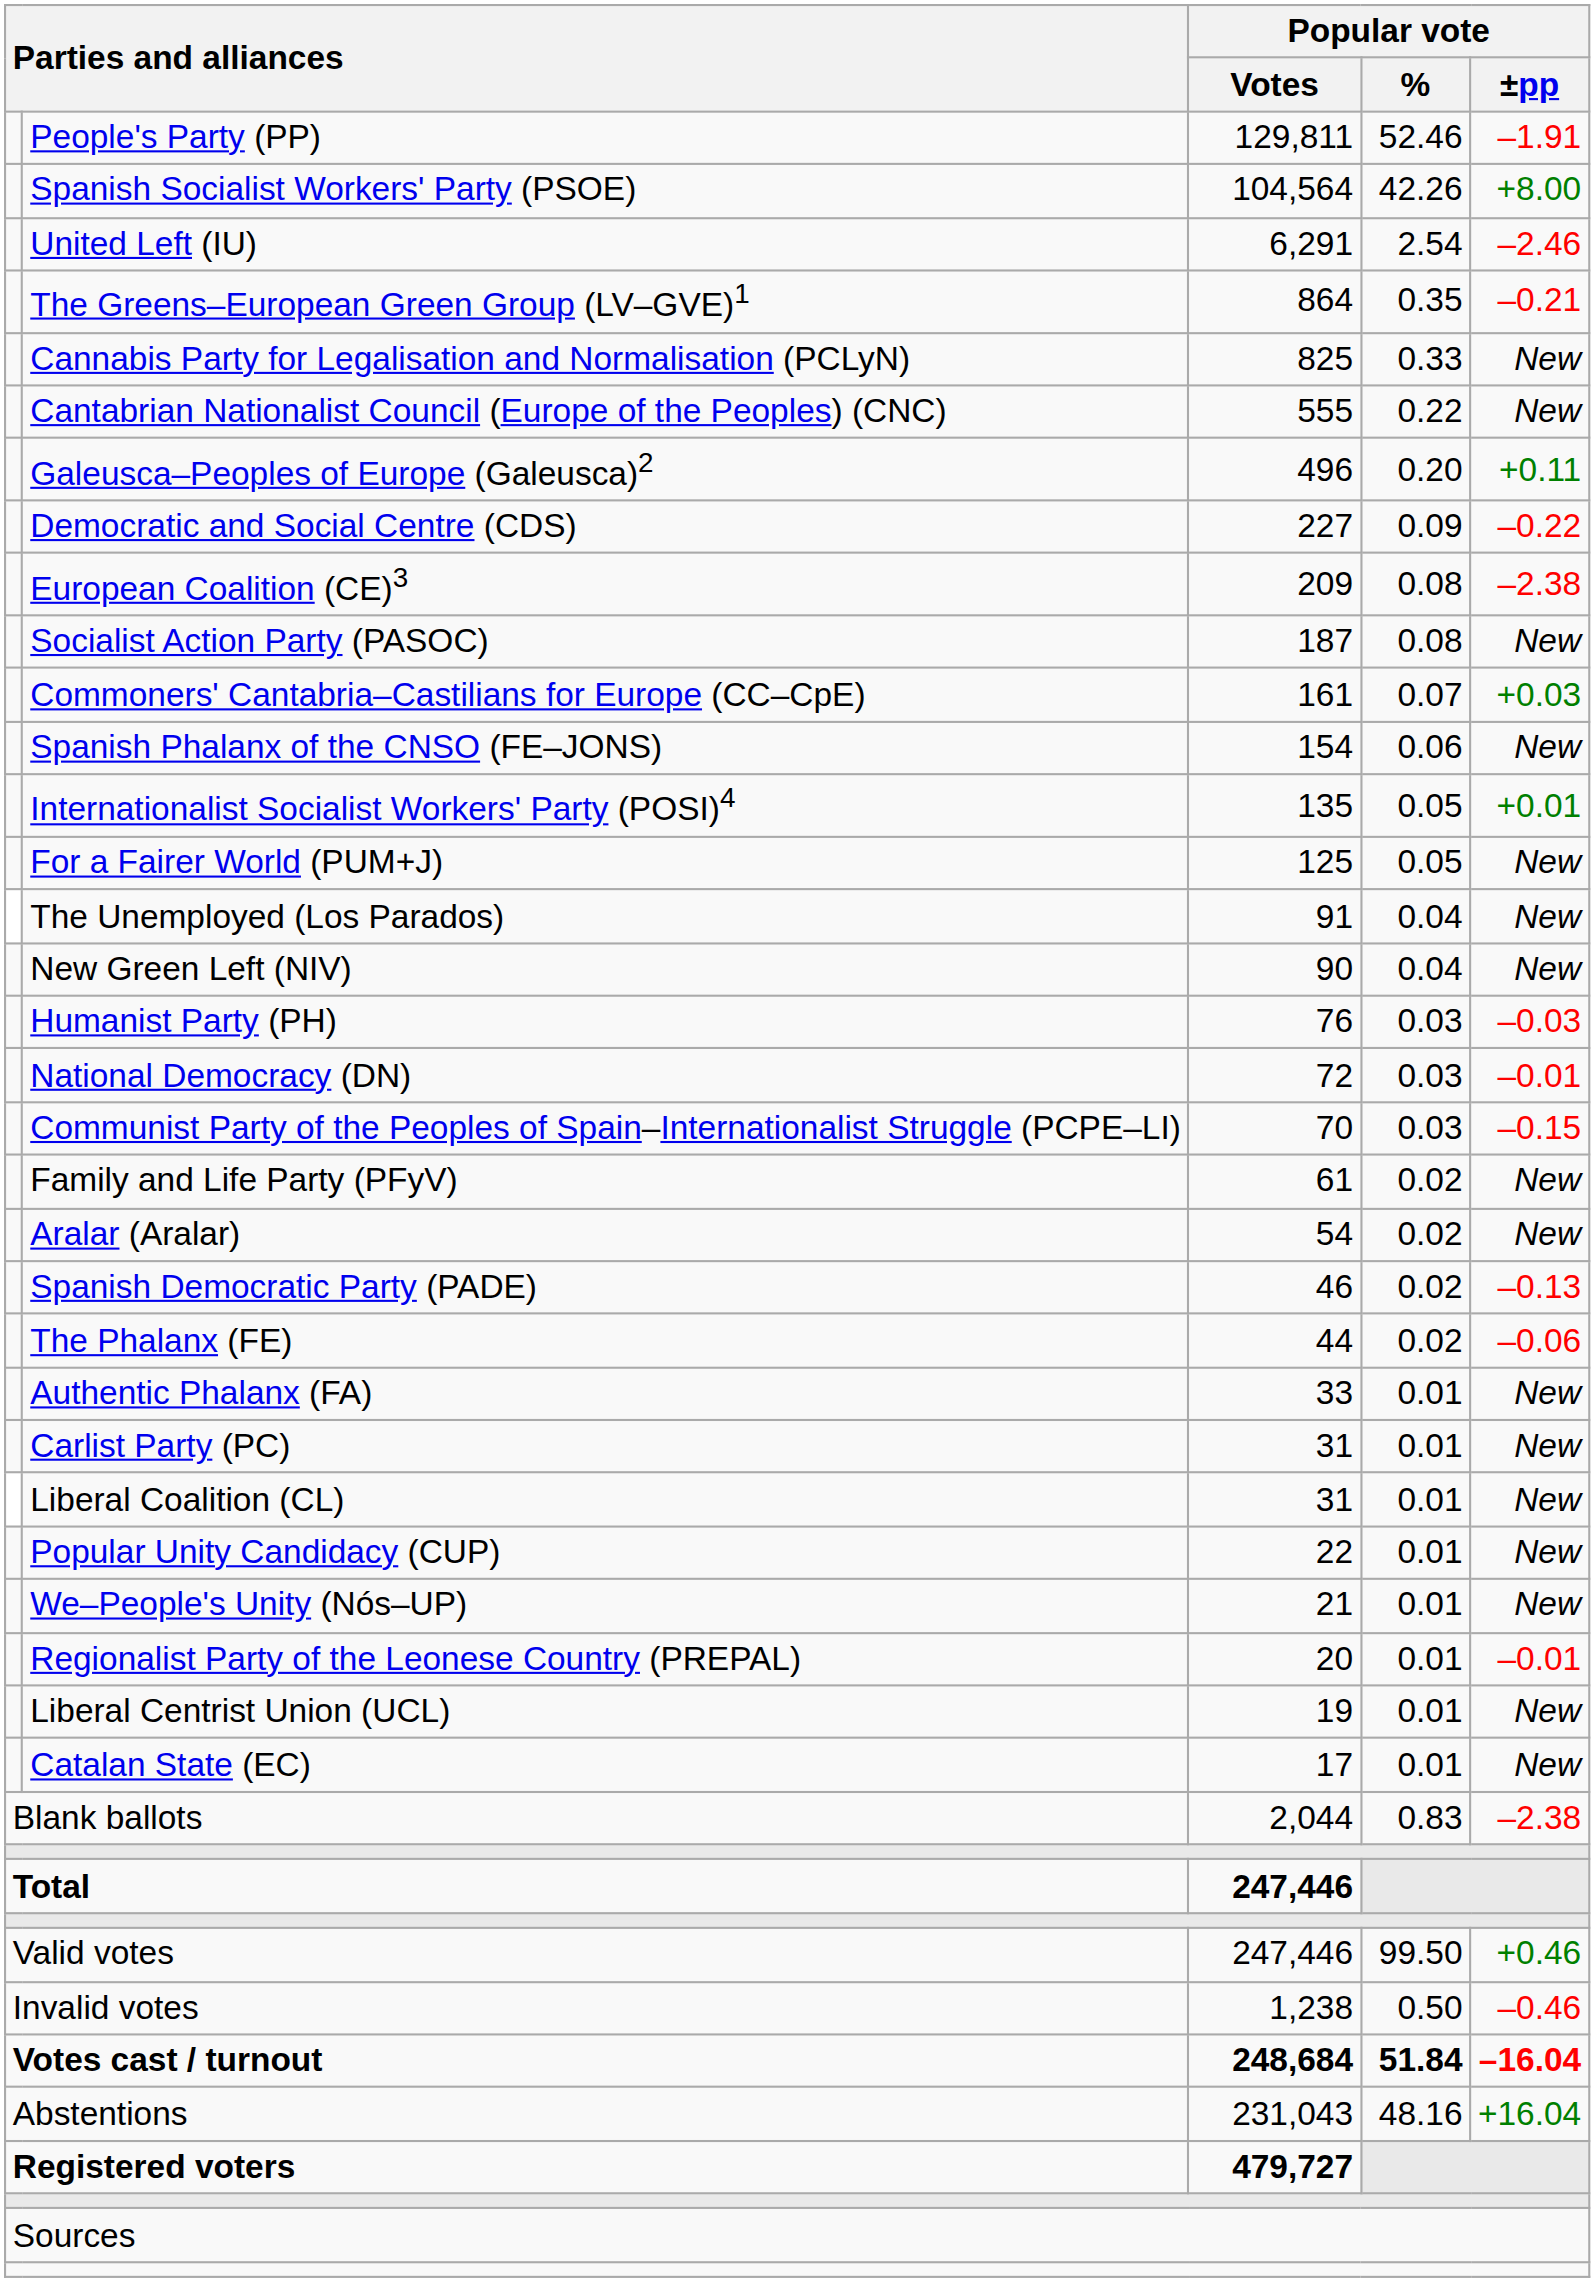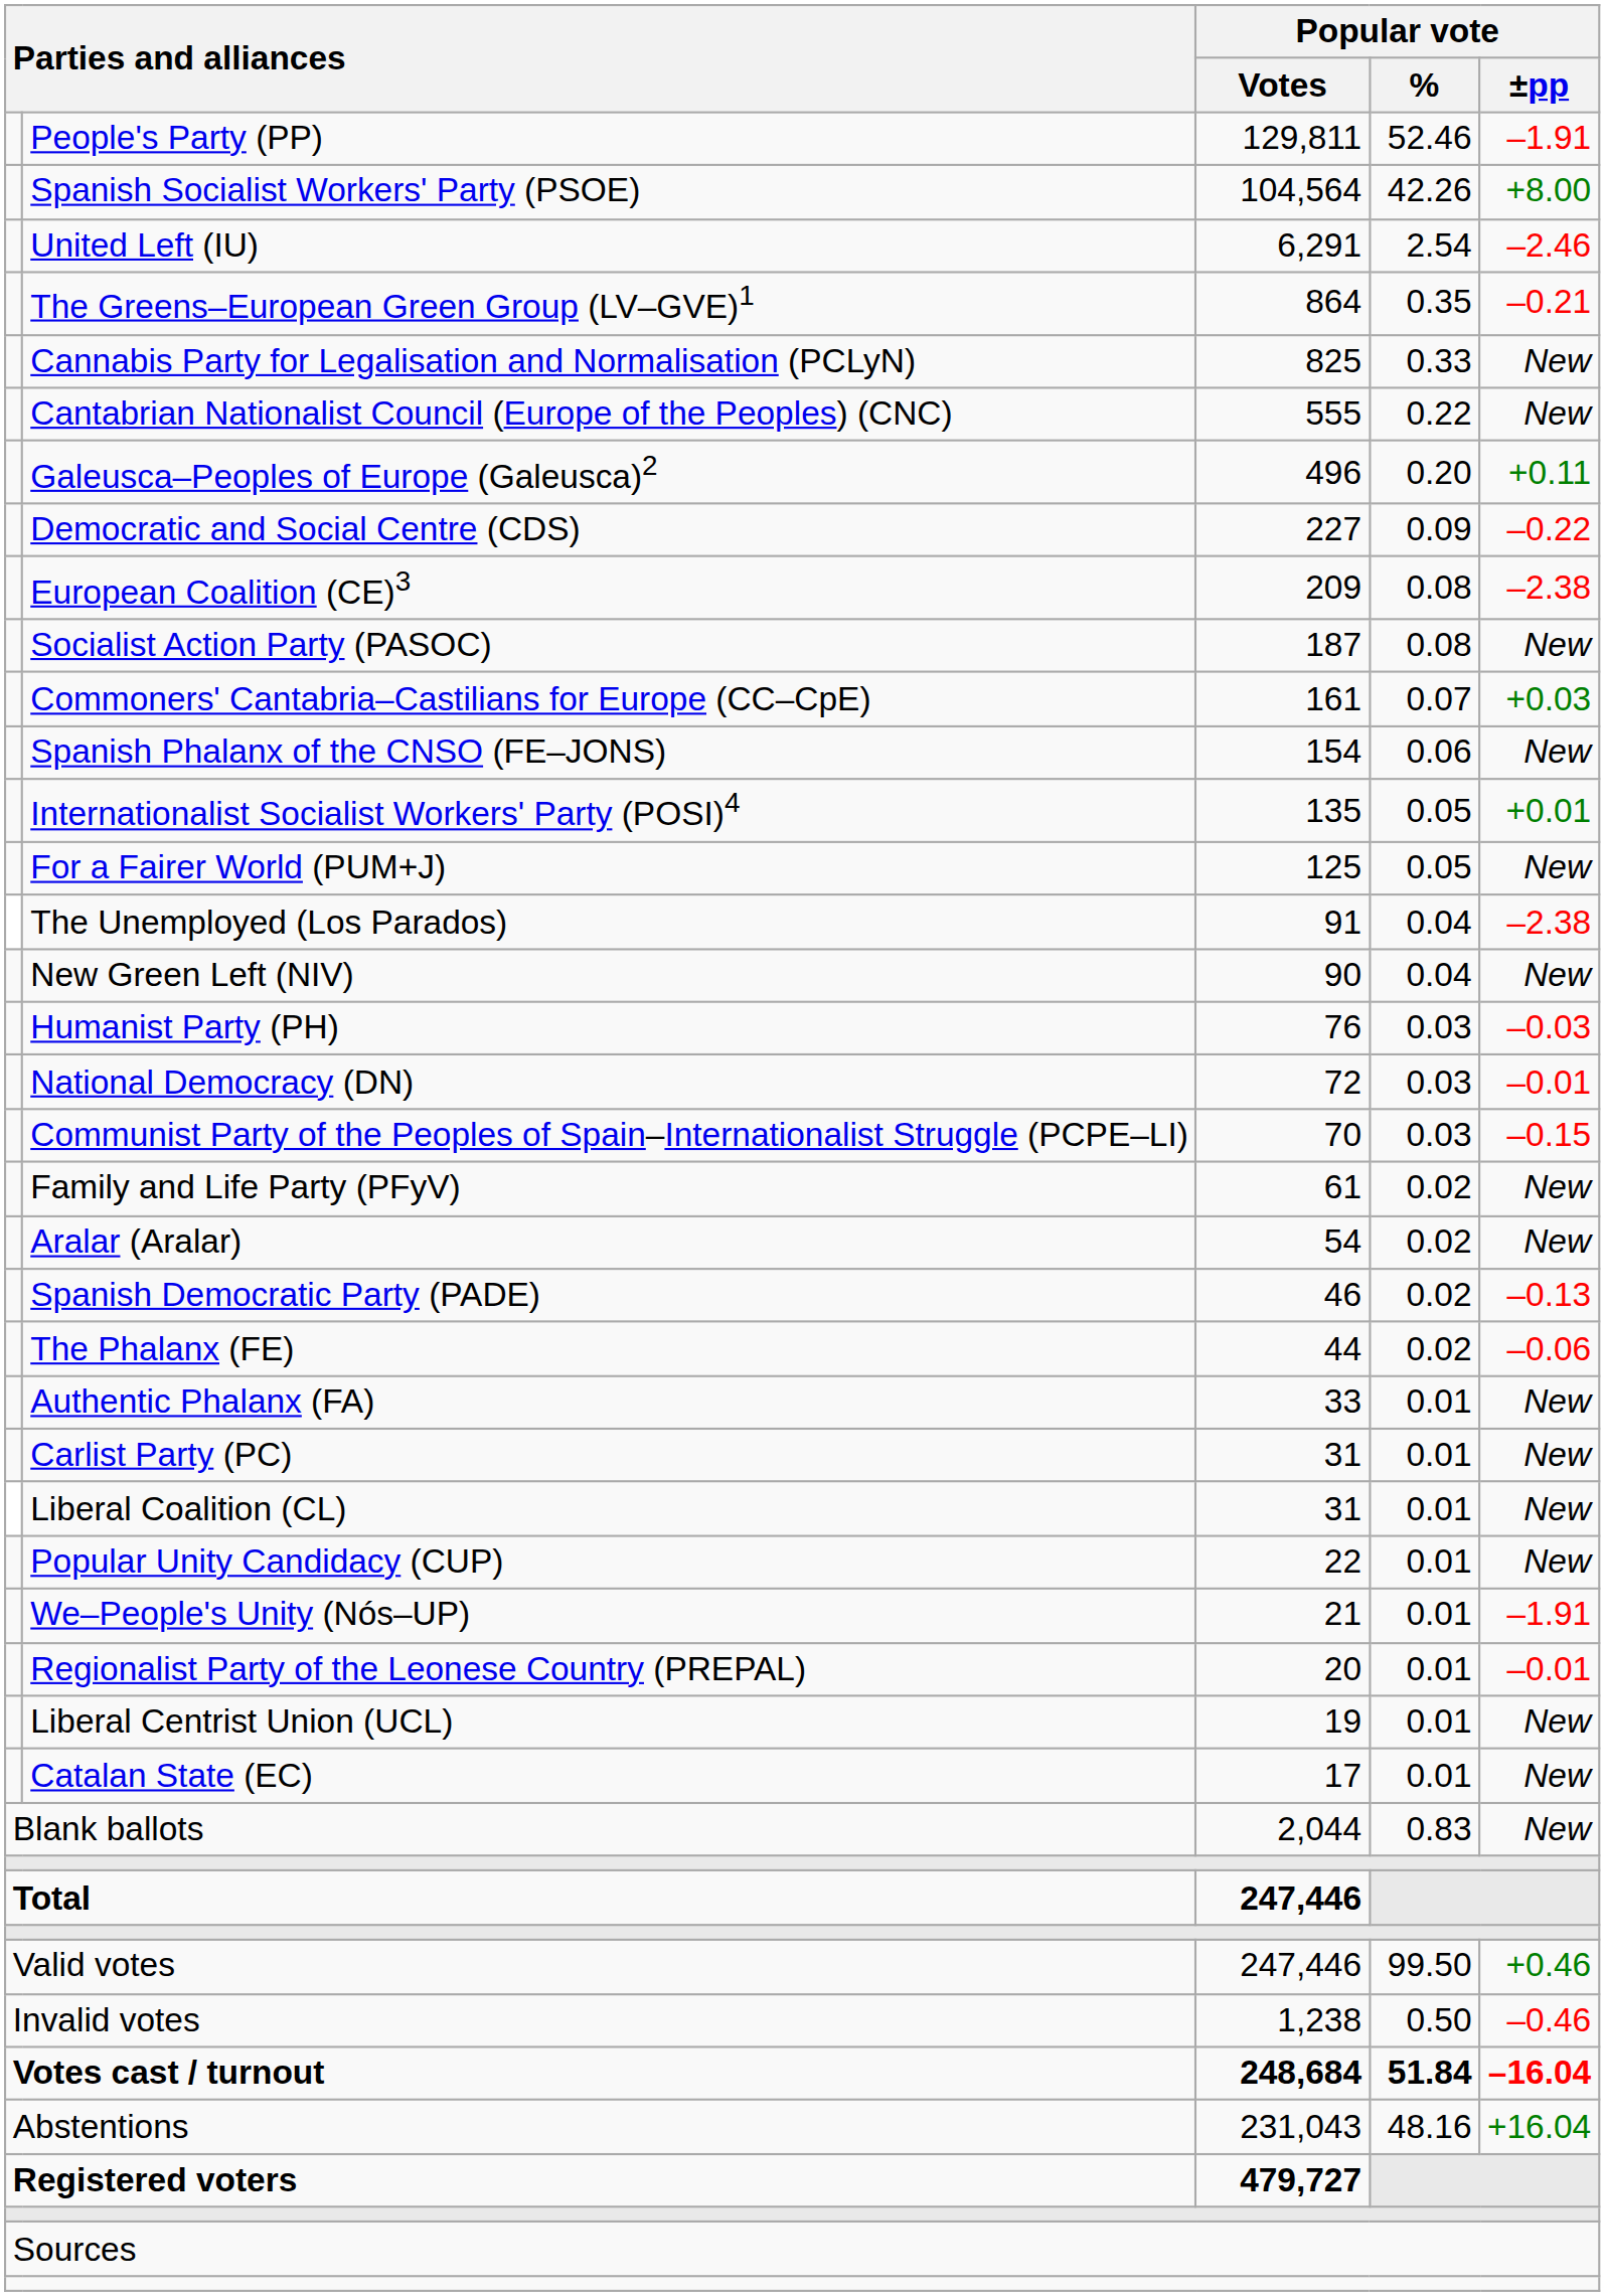 <table class="wikitable" style="text-align:right">
 <tr>
 <th style="text-align:left;" rowspan="2" colspan="2" width="525">Parties and alliances</th>
 <th colspan="3">Popular vote</th>
 </tr>
 <tr>
 <th width="75">Votes</th>
 <th width="45">%</th>
 <th width="45">±<a href='#'>pp</a></th>
 </tr>
 <tr>
 <td width="1" style="color:inherit;background:"></td>
 <td align="left"><a href='#'>People's Party</a> (PP)</td>
 <td>129,811</td>
 <td>52.46</td>
 <td style="color:red;">–1.91</td>
 </tr>
 <tr>
 <td style="color:inherit;background:"></td>
 <td align="left"><a href='#'>Spanish Socialist Workers' Party</a> (PSOE)</td>
 <td>104,564</td>
 <td>42.26</td>
 <td style="color:green;">+8.00</td>
 </tr>
 <tr>
 <td style="color:inherit;background:"></td>
 <td align="left"><a href='#'>United Left</a> (IU)</td>
 <td>6,291</td>
 <td>2.54</td>
 <td style="color:red;">–2.46</td>
 </tr>
 <tr>
 <td style="color:inherit;background:"></td>
 <td align="left"><a href='#'>The Greens–European Green Group</a> (LV–GVE)<sup>1</sup></td>
 <td>864</td>
 <td>0.35</td>
 <td style="color:red;">–0.21</td>
 </tr>
 <tr>
 <td style="color:inherit;background:"></td>
 <td align="left"><a href='#'>Cannabis Party for Legalisation and Normalisation</a> (PCLyN)</td>
 <td>825</td>
 <td>0.33</td>
 <td><em>New</em></td>
 </tr>
 <tr>
 <td style="color:inherit;background:"></td>
 <td align="left"><a href='#'>Cantabrian Nationalist Council</a> (<a href='#'>Europe of the Peoples</a>) (CNC)</td>
 <td>555</td>
 <td>0.22</td>
 <td><em>New</em></td>
 </tr>
 <tr>
 <td style="color:inherit;background:"></td>
 <td align="left"><a href='#'>Galeusca–Peoples of Europe</a> (Galeusca)<sup>2</sup></td>
 <td>496</td>
 <td>0.20</td>
 <td style="color:green;">+0.11</td>
 </tr>
 <tr>
 <td style="color:inherit;background:"></td>
 <td align="left"><a href='#'>Democratic and Social Centre</a> (CDS)</td>
 <td>227</td>
 <td>0.09</td>
 <td style="color:red;">–0.22</td>
 </tr>
 <tr>
 <td style="color:inherit;background:"></td>
 <td align="left"><a href='#'>European Coalition</a> (CE)<sup>3</sup></td>
 <td>209</td>
 <td>0.08</td>
 <td style="color:red;">–2.38</td>
 </tr>
 <tr>
 <td style="color:inherit;background:"></td>
 <td align="left"><a href='#'>Socialist Action Party</a> (PASOC)</td>
 <td>187</td>
 <td>0.08</td>
 <td><em>New</em></td>
 </tr>
 <tr>
 <td style="color:inherit;background:"></td>
 <td align="left"><a href='#'>Commoners' Cantabria–Castilians for Europe</a> (CC–CpE)</td>
 <td>161</td>
 <td>0.07</td>
 <td style="color:green;">+0.03</td>
 </tr>
 <tr>
 <td style="color:inherit;background:"></td>
 <td align="left"><a href='#'>Spanish Phalanx of the CNSO</a> (FE–JONS)</td>
 <td>154</td>
 <td>0.06</td>
 <td><em>New</em></td>
 </tr>
 <tr>
 <td style="color:inherit;background:"></td>
 <td align="left"><a href='#'>Internationalist Socialist Workers' Party</a> (POSI)<sup>4</sup></td>
 <td>135</td>
 <td>0.05</td>
 <td style="color:green;">+0.01</td>
 </tr>
 <tr>
 <td style="color:inherit;background:"></td>
 <td align="left"><a href='#'>For a Fairer World</a> (PUM+J)</td>
 <td>125</td>
 <td>0.05</td>
 <td><em>New</em></td>
 </tr>
 <tr>
 <td bgcolor="white"></td>
 <td align="left">The Unemployed (Los Parados)</td>
 <td>91</td>
 <td>0.04</td>
-<td><em>New</em></td>
+<td style="color:red;">–2.38</td>
 </tr>
 <tr>
 <td style="color:inherit;background:"></td>
 <td align="left">New Green Left (NIV)</td>
 <td>90</td>
 <td>0.04</td>
 <td><em>New</em></td>
 </tr>
 <tr>
 <td style="color:inherit;background:"></td>
 <td align="left"><a href='#'>Humanist Party</a> (PH)</td>
 <td>76</td>
 <td>0.03</td>
 <td style="color:red;">–0.03</td>
 </tr>
 <tr>
 <td style="color:inherit;background:"></td>
 <td align="left"><a href='#'>National Democracy</a> (DN)</td>
 <td>72</td>
 <td>0.03</td>
 <td style="color:red;">–0.01</td>
 </tr>
 <tr>
 <td style="color:inherit;background:"></td>
 <td align="left"><a href='#'>Communist Party of the Peoples of Spain</a>–<a href='#'>Internationalist Struggle</a> (PCPE–LI)</td>
 <td>70</td>
 <td>0.03</td>
 <td style="color:red;">–0.15</td>
 </tr>
 <tr>
 <td style="color:inherit;background:"></td>
 <td align="left">Family and Life Party (PFyV)</td>
 <td>61</td>
 <td>0.02</td>
 <td><em>New</em></td>
 </tr>
 <tr>
 <td style="color:inherit;background:"></td>
 <td align="left"><a href='#'>Aralar</a> (Aralar)</td>
 <td>54</td>
 <td>0.02</td>
 <td><em>New</em></td>
 </tr>
 <tr>
 <td style="color:inherit;background:"></td>
 <td align="left"><a href='#'>Spanish Democratic Party</a> (PADE)</td>
 <td>46</td>
 <td>0.02</td>
 <td style="color:red;">–0.13</td>
 </tr>
 <tr>
 <td style="color:inherit;background:"></td>
 <td align="left"><a href='#'>The Phalanx</a> (FE)</td>
 <td>44</td>
 <td>0.02</td>
 <td style="color:red;">–0.06</td>
 </tr>
 <tr>
 <td style="color:inherit;background:"></td>
 <td align="left"><a href='#'>Authentic Phalanx</a> (FA)</td>
 <td>33</td>
 <td>0.01</td>
 <td><em>New</em></td>
 </tr>
 <tr>
 <td style="color:inherit;background:"></td>
 <td align="left"><a href='#'>Carlist Party</a> (PC)</td>
 <td>31</td>
 <td>0.01</td>
 <td><em>New</em></td>
 </tr>
 <tr>
 <td bgcolor="white"></td>
 <td align="left">Liberal Coalition (CL)</td>
 <td>31</td>
 <td>0.01</td>
 <td><em>New</em></td>
 </tr>
 <tr>
 <td style="color:inherit;background:"></td>
 <td align="left"><a href='#'>Popular Unity Candidacy</a> (CUP)</td>
 <td>22</td>
 <td>0.01</td>
 <td><em>New</em></td>
 </tr>
 <tr>
 <td style="color:inherit;background:"></td>
 <td align="left"><a href='#'>We–People's Unity</a> (Nós–UP)</td>
 <td>21</td>
 <td>0.01</td>
-<td><em>New</em></td>
+<td style="color:red;">–1.91</td>
 </tr>
 <tr>
 <td style="color:inherit;background:"></td>
 <td align="left"><a href='#'>Regionalist Party of the Leonese Country</a> (PREPAL)</td>
 <td>20</td>
 <td>0.01</td>
 <td style="color:red;">–0.01</td>
 </tr>
 <tr>
 <td style="color:inherit;background:"></td>
 <td align="left">Liberal Centrist Union (UCL)</td>
 <td>19</td>
 <td>0.01</td>
 <td><em>New</em></td>
 </tr>
 <tr>
 <td style="color:inherit;background:"></td>
 <td align="left"><a href='#'>Catalan State</a> (EC)</td>
 <td>17</td>
 <td>0.01</td>
 <td><em>New</em></td>
 </tr>
 <tr>
 <td align="left" colspan="2">Blank ballots</td>
 <td>2,044</td>
 <td>0.83</td>
-<td style="color:red;">–2.38</td>
+<td><em>New</em></td>
 </tr>
 <tr>
 <td colspan="5" bgcolor="#E9E9E9"></td>
 </tr>
 <tr style="font-weight:bold;">
 <td align="left" colspan="2">Total</td>
 <td>247,446</td>
 <td bgcolor="#E9E9E9" colspan="2"></td>
 </tr>
 <tr>
 <td colspan="5" bgcolor="#E9E9E9"></td>
 </tr>
 <tr>
 <td align="left" colspan="2">Valid votes</td>
 <td>247,446</td>
 <td>99.50</td>
 <td style="color:green;">+0.46</td>
 </tr>
 <tr>
 <td align="left" colspan="2">Invalid votes</td>
 <td>1,238</td>
 <td>0.50</td>
 <td style="color:red;">–0.46</td>
 </tr>
 <tr style="font-weight:bold;">
 <td align="left" colspan="2">Votes cast / turnout</td>
 <td>248,684</td>
 <td>51.84</td>
 <td style="color:red;">–16.04</td>
 </tr>
 <tr>
 <td align="left" colspan="2">Abstentions</td>
 <td>231,043</td>
 <td>48.16</td>
 <td style="color:green;">+16.04</td>
 </tr>
 <tr style="font-weight:bold;">
 <td align="left" colspan="2">Registered voters</td>
 <td>479,727</td>
 <td bgcolor="#E9E9E9" colspan="2"></td>
 </tr>
 <tr>
 <td colspan="5" bgcolor="#E9E9E9"></td>
 </tr>
 <tr>
 <td align="left" colspan="5">Sources</td>
 </tr>
 <tr>
 <td colspan="5" style="text-align:left; max-width:680px;"></td>
 </tr>
 </table>
